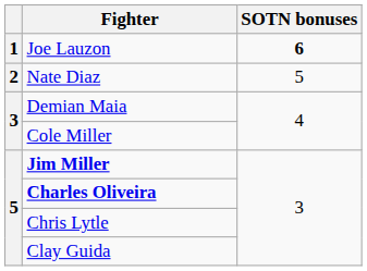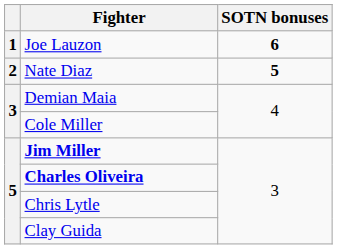 <table class=wikitable>
 <tr>
 <th></th>
 <th width=180>Fighter</th>
 <th>SOTN bonuses</th>
 </tr>
 <tr>
 <th>1</th>
 <td> <a href='#'>Joe Lauzon</a></td>
 <td align=center><strong>6</strong></td>
 </tr>
 <tr>
 <th>2</th>
 <td> <a href='#'>Nate Diaz</a></td>
-<td align=center>5</td>
+<td align=center><strong>5</strong></td>
 </tr>
 <tr>
 <th rowspan=2>3</th>
 <td> <a href='#'>Demian Maia</a></td>
 <td rowspan=2 align=center>4</td>
 </tr>
 <tr>
 <td> <a href='#'>Cole Miller</a></td>
 </tr>
 <tr>
 <th rowspan=4>5</th>
 <td> <strong><a href='#'>Jim Miller</a></strong></td>
 <td rowspan=4 align=center>3</td>
 </tr>
 <tr>
 <td> <strong><a href='#'>Charles Oliveira</a></strong></td>
 </tr>
 <tr>
 <td> <a href='#'>Chris Lytle</a></td>
 </tr>
 <tr>
 <td> <a href='#'>Clay Guida</a></td>
 </tr>
 </table>
